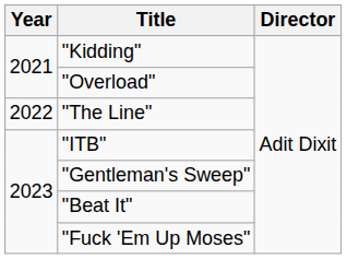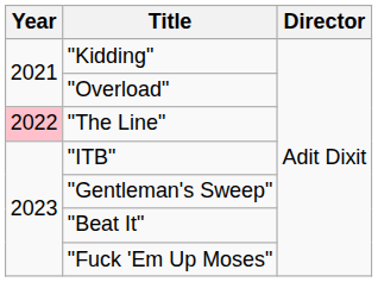 <table class="wikitable">
 <tr>
 <th>Year</th>
 <th>Title</th>
 <th>Director</th>
 </tr>
 <tr>
 <td rowspan="2">2021</td>
 <td>"Kidding"</td>
 <td rowspan="7">Adit Dixit</td>
 </tr>
 <tr>
 <td>"Overload"</td>
 </tr>
 <tr>
-<td>2022</td>
+<td style="background: pink;">2022</td>
 <td>"The Line"</td>
 </tr>
 <tr>
 <td rowspan="4">2023</td>
 <td>"ITB"</td>
 </tr>
 <tr>
 <td>"Gentleman's Sweep"</td>
 </tr>
 <tr>
 <td>"Beat It"</td>
 </tr>
 <tr>
 <td>"Fuck 'Em Up Moses"</td>
 </tr>
 </table>
